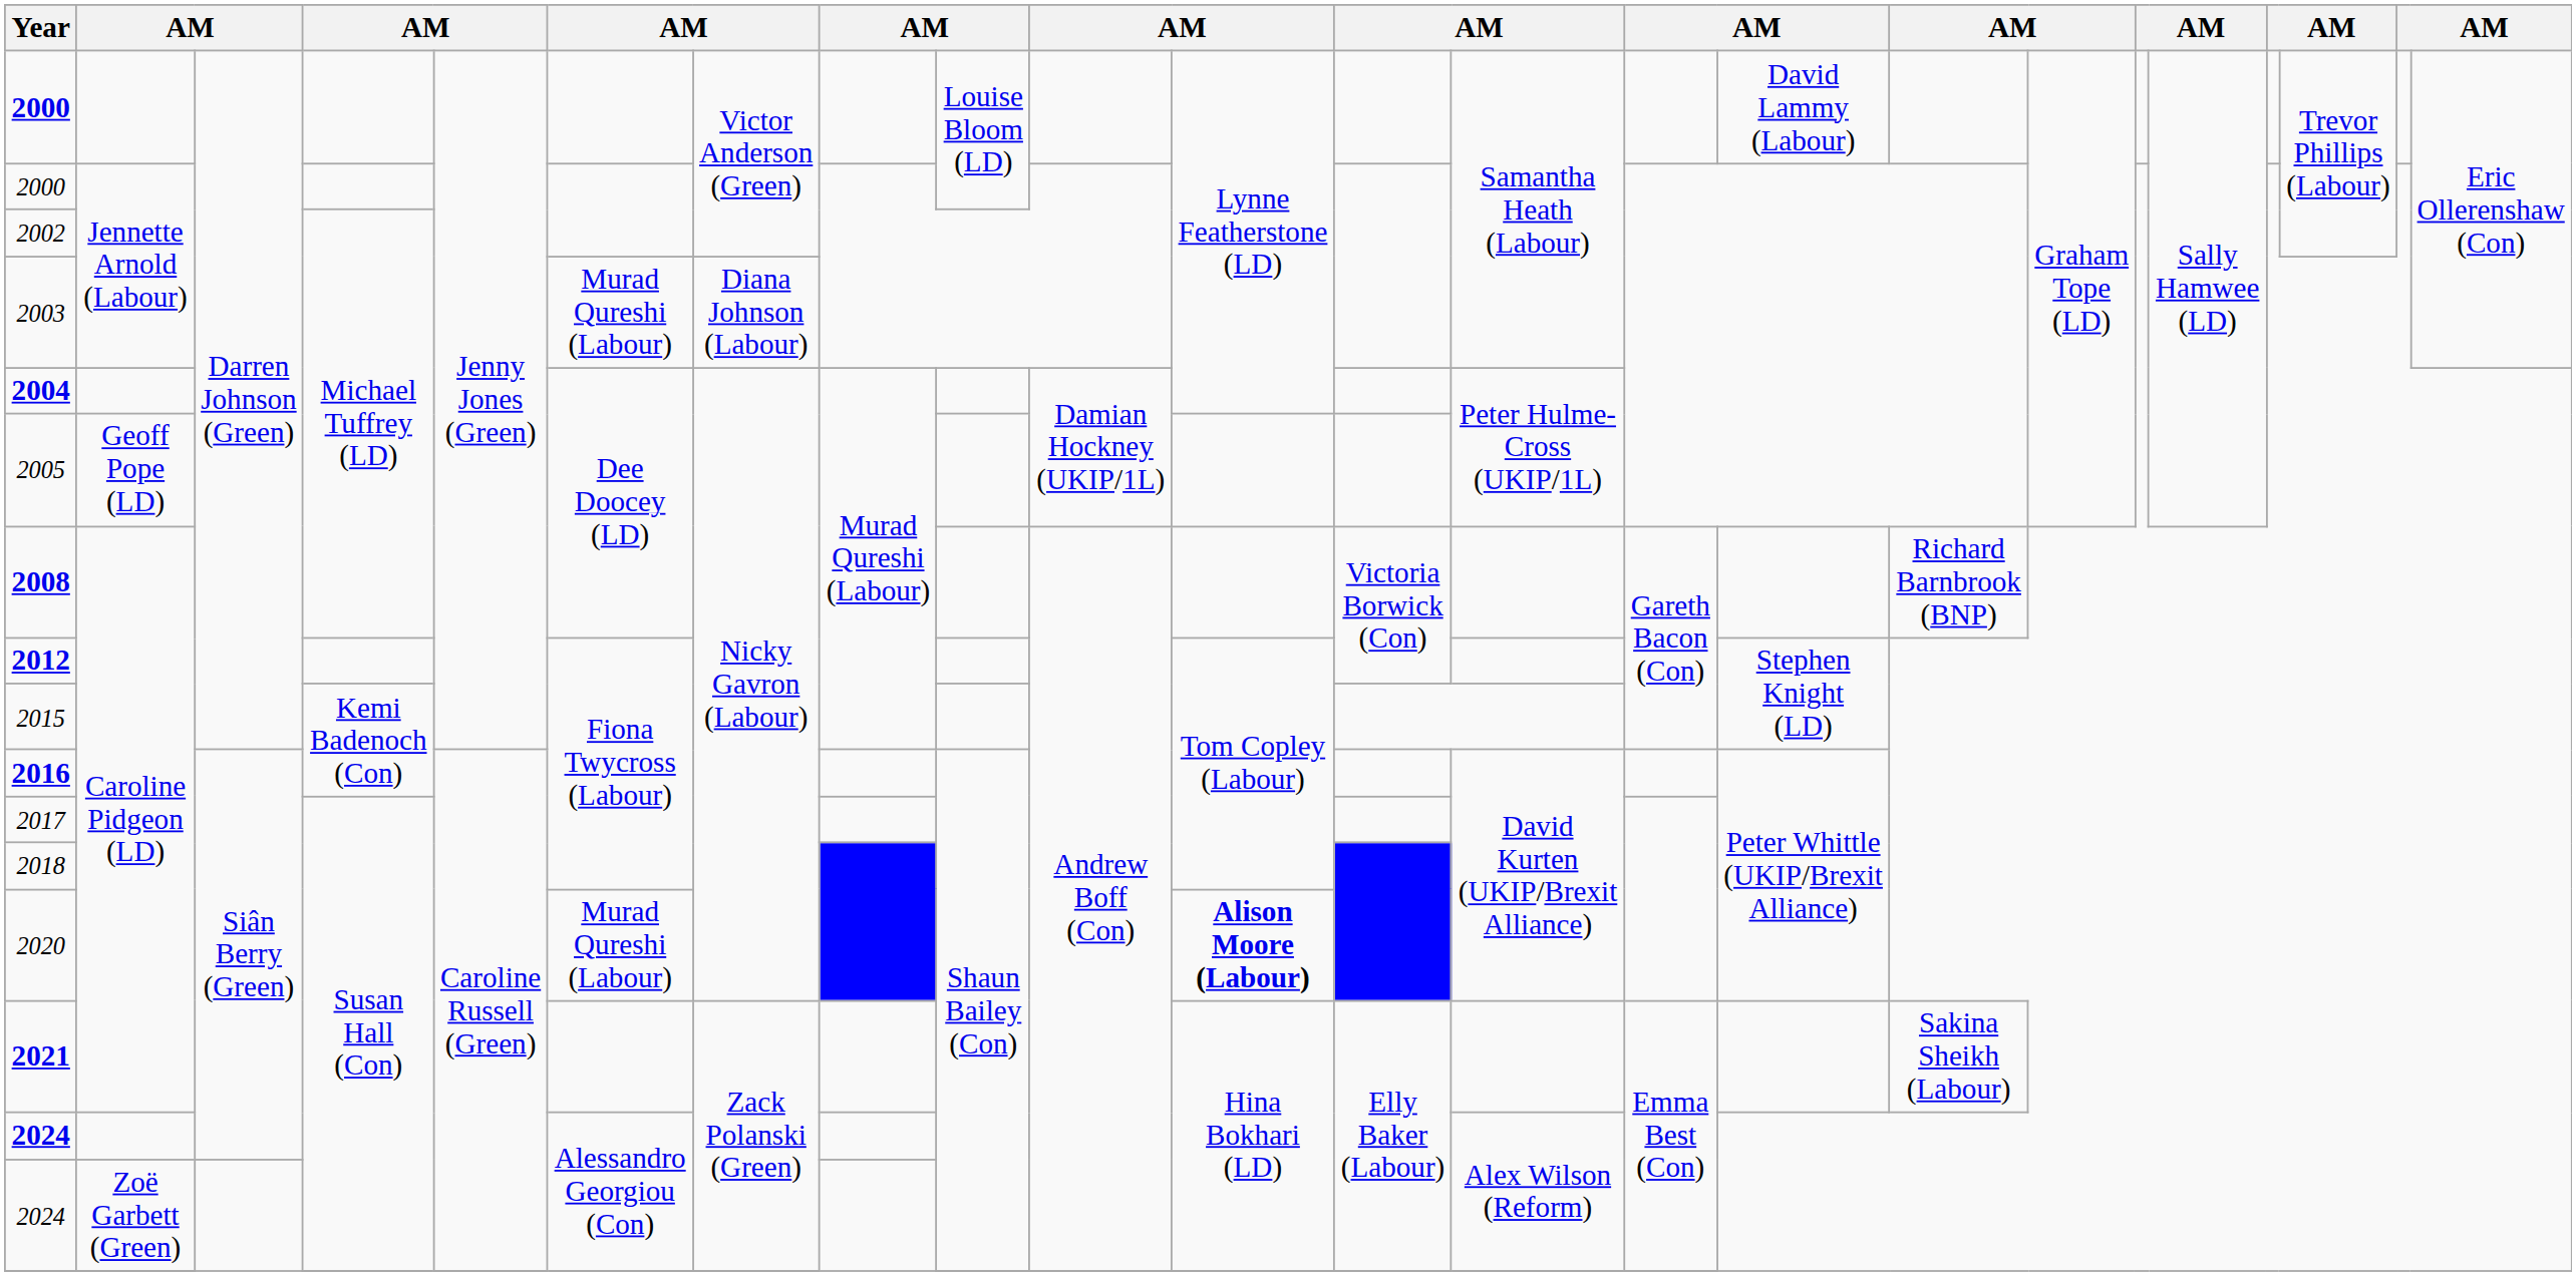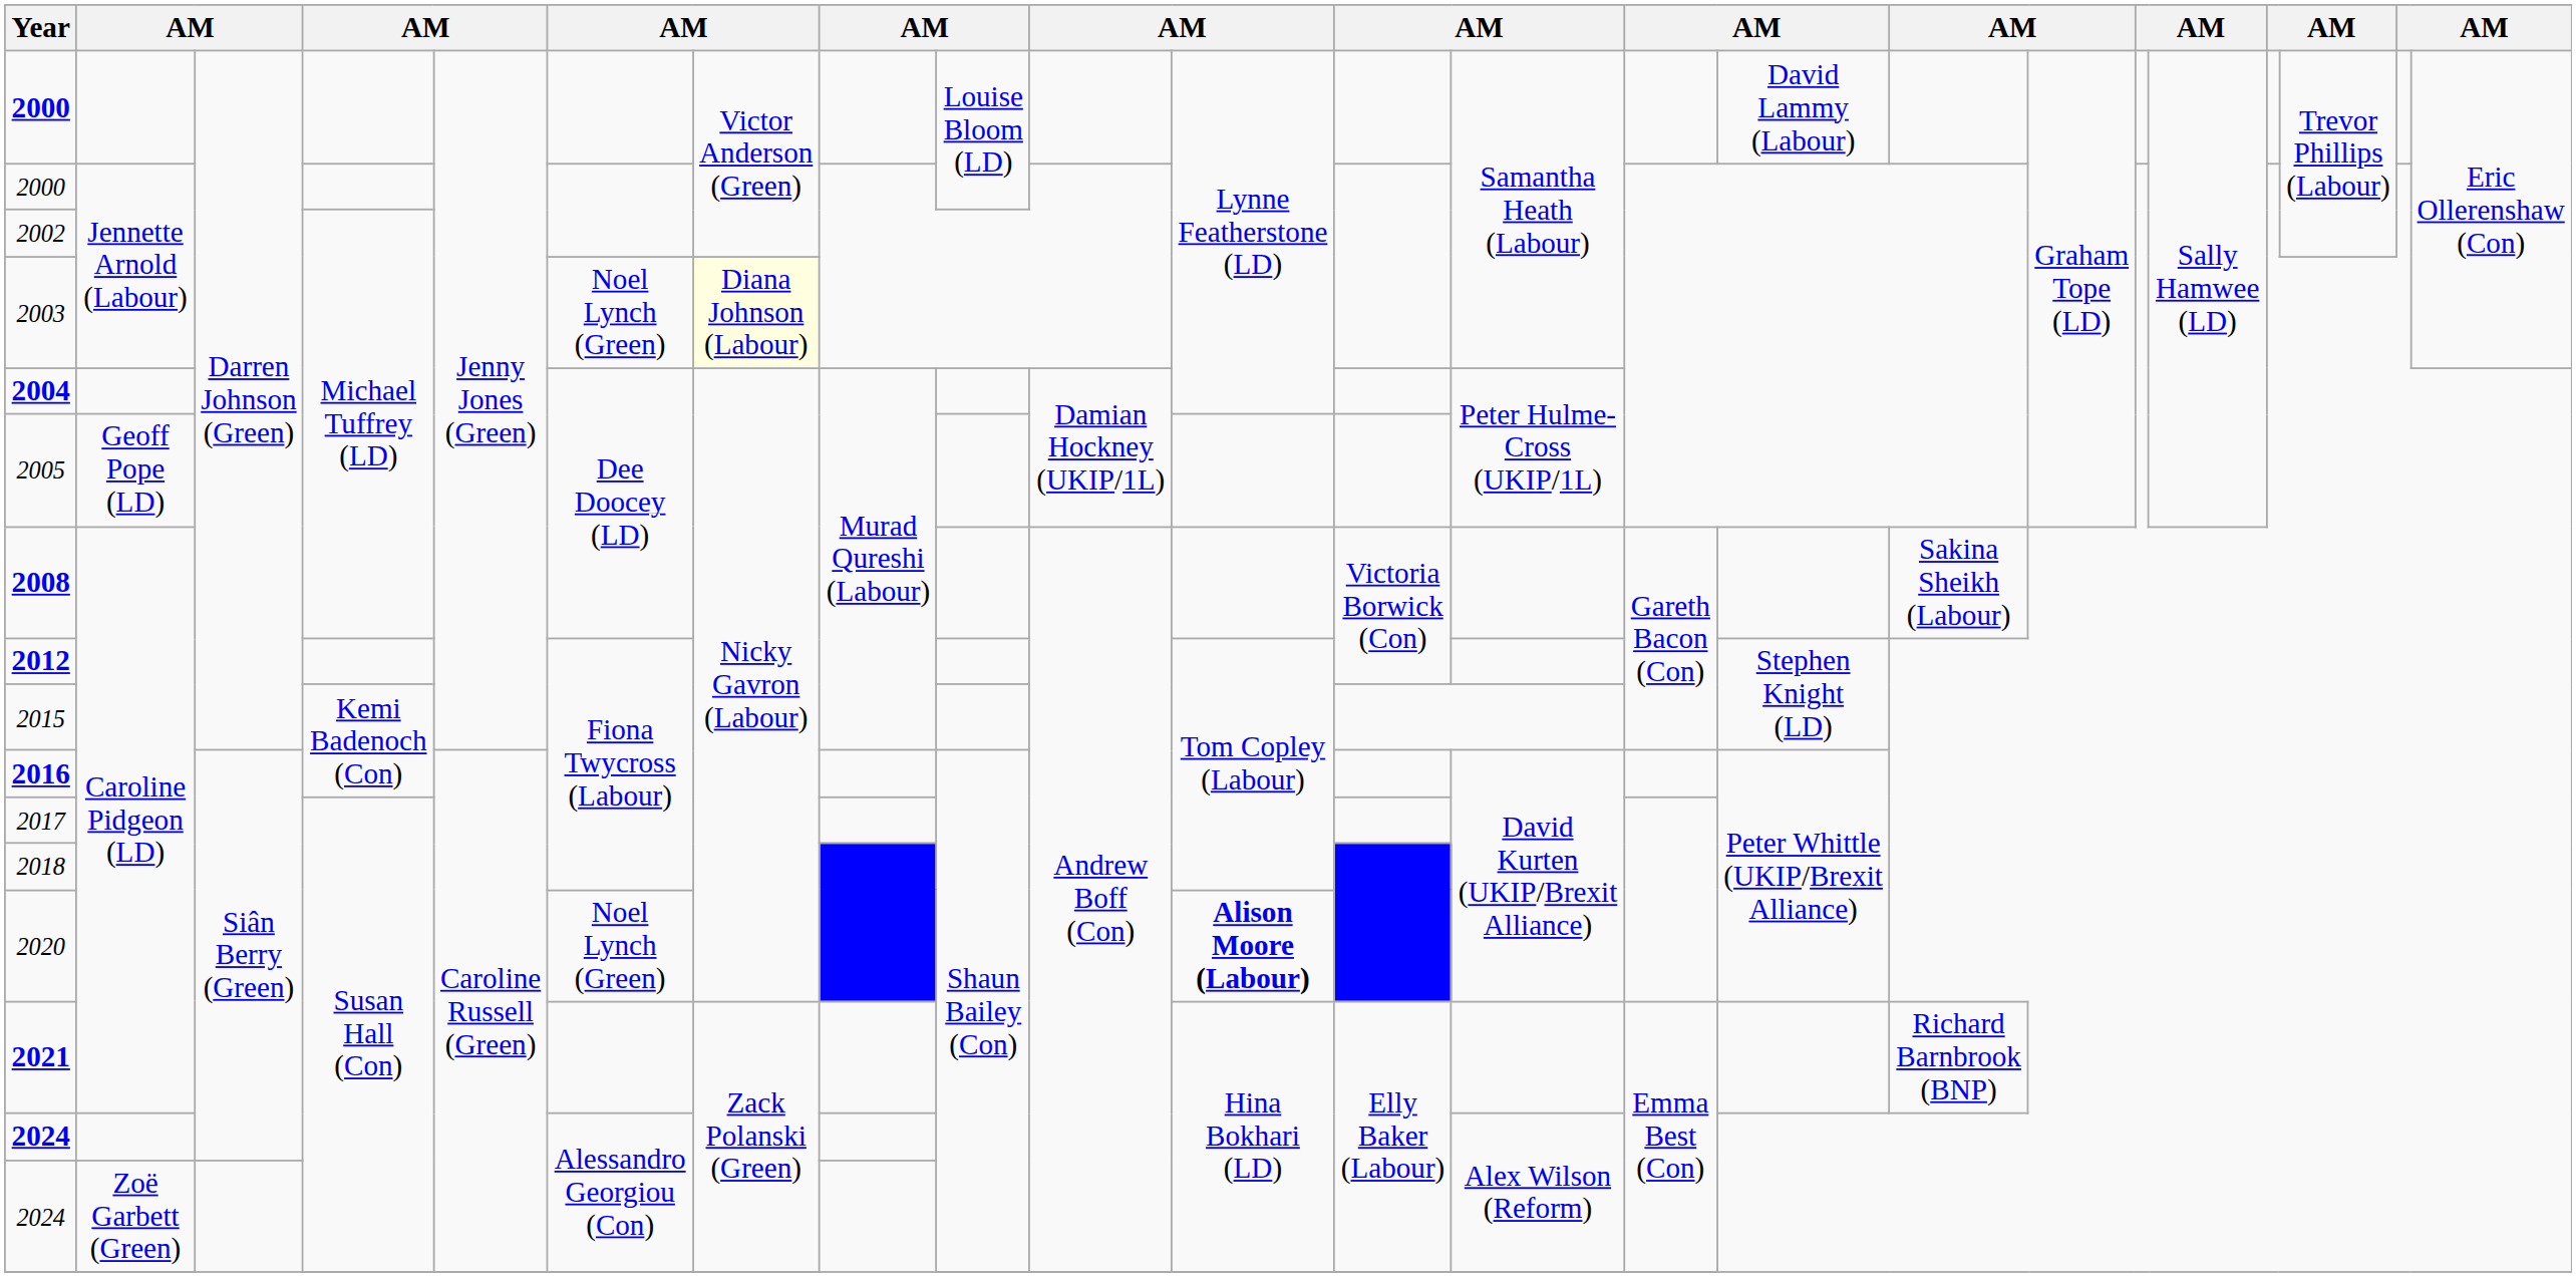 <table class="wikitable" style="text-align:center">
 <tr>
 <th>Year</th>
 <th colspan="2">AM</th>
 <th colspan="2">AM</th>
 <th colspan="2">AM</th>
 <th colspan="2">AM</th>
 <th colspan="2">AM</th>
 <th colspan="2">AM</th>
 <th colspan="2">AM</th>
 <th colspan="2">AM</th>
 <th colspan="2">AM</th>
 <th colspan="2">AM</th>
 <th colspan="2">AM</th>
 </tr>
 <tr>
 <td><strong><a href='#'>2000</a></strong></td>
 <td style="background:"></td>
 <td rowspan="9"><a href='#'>Darren Johnson</a><br>(<a href='#'>Green</a>)</td>
 <td style="background:"></td>
 <td rowspan="9"><a href='#'>Jenny Jones</a><br>(<a href='#'>Green</a>)</td>
 <td style="background:"></td>
 <td rowspan="3"><a href='#'>Victor Anderson</a><br>(<a href='#'>Green</a>)</td>
 <td style="background:"></td>
 <td rowspan="2"><a href='#'>Louise Bloom</a><br>(<a href='#'>LD</a>)</td>
 <td style="background:"></td>
 <td rowspan="5"><a href='#'>Lynne Featherstone</a><br>(<a href='#'>LD</a>)</td>
 <td style="background:"></td>
 <td rowspan="4"><a href='#'>Samantha Heath</a><br>(<a href='#'>Labour</a>)</td>
 <td style="background:"></td>
 <td rowspan="1"><a href='#'>David Lammy</a><br>(<a href='#'>Labour</a>)</td>
 <td style="background:"></td>
 <td rowspan="6"><a href='#'>Graham Tope</a><br>(<a href='#'>LD</a>)</td>
 <td style="background:"></td>
 <td rowspan="6"><a href='#'>Sally Hamwee</a><br>(<a href='#'>LD</a>)</td>
 <td style="background:"></td>
 <td rowspan="3"><a href='#'>Trevor Phillips</a><br>(<a href='#'>Labour</a>)</td>
 <td style="background:"></td>
 <td rowspan="4"><a href='#'>Eric Ollerenshaw</a><br>(<a href='#'>Con</a>)</td>
 </tr>
 <tr>
 <td><small><em>2000</em></small></td>
 <td rowspan="3"><a href='#'>Jennette Arnold</a><br>(<a href='#'>Labour</a>)</td>
 </tr>
 <tr>
 <td><small><em>2002</em></small></td>
 <td rowspan="5"><a href='#'>Michael Tuffrey</a><br>(<a href='#'>LD</a>)</td>
 </tr>
 <tr>
 <td><small><em>2003</em></small></td>
-<td rowspan="1"><a href='#'>Murad Qureshi</a><br>(<a href='#'>Labour</a>)</td>
-<td rowspan="1"><a href='#'>Diana Johnson</a><br>(<a href='#'>Labour</a>)</td>
+<td rowspan="1"><a href='#'>Noel Lynch</a><br>(<a href='#'>Green</a>)</td>
+<td rowspan="1" style="background: lightyellow;"><a href='#'>Diana Johnson</a><br>(<a href='#'>Labour</a>)</td>
 </tr>
 <tr>
 <td><strong><a href='#'>2004</a></strong></td>
 <td style="background:"></td>
 <td rowspan="3"><a href='#'>Dee Doocey</a><br>(<a href='#'>LD</a>)</td>
 <td rowspan="9"><a href='#'>Nicky Gavron</a><br>(<a href='#'>Labour</a>)</td>
 <td rowspan="5"><a href='#'>Murad Qureshi</a><br>(<a href='#'>Labour</a>)</td>
 <td style="background:"></td>
 <td rowspan="2"><a href='#'>Damian Hockney</a><br>(<a href='#'>UKIP</a>/<a href='#'>1L</a>)</td>
 <td style="background:"></td>
 <td rowspan="2"><a href='#'>Peter Hulme-Cross</a><br>(<a href='#'>UKIP</a>/<a href='#'>1L</a>)</td>
 </tr>
 <tr>
 <td><small><em>2005</em></small></td>
 <td rowspan="1"><a href='#'>Geoff Pope</a><br>(<a href='#'>LD</a>)</td>
 <td style="background:"></td>
 <td style="background:"></td>
 </tr>
 <tr>
 <td><strong><a href='#'>2008</a></strong></td>
 <td rowspan="8"><a href='#'>Caroline Pidgeon</a><br>(<a href='#'>LD</a>)</td>
 <td style="background:"></td>
 <td rowspan="10"><a href='#'>Andrew Boff</a><br>(<a href='#'>Con</a>)</td>
 <td style="background:"></td>
 <td rowspan="2"><a href='#'>Victoria Borwick</a><br>(<a href='#'>Con</a>)</td>
 <td style="background:"></td>
 <td rowspan="3"><a href='#'>Gareth Bacon</a><br>(<a href='#'>Con</a>)</td>
 <td style="background:"></td>
-<td rowspan="1"><a href='#'>Richard Barnbrook</a><br>(<a href='#'>BNP</a>)</td>
+<td rowspan="1"><a href='#'>Sakina Sheikh</a><br>(<a href='#'>Labour</a>)</td>
 </tr>
 <tr>
 <td><strong><a href='#'>2012</a></strong></td>
 <td style="background:"></td>
 <td rowspan="5"><a href='#'>Fiona Twycross</a><br>(<a href='#'>Labour</a>)</td>
 <td style="background:"></td>
 <td rowspan="5"><a href='#'>Tom Copley</a><br>(<a href='#'>Labour</a>)</td>
 <td style="background:"></td>
 <td rowspan="2"><a href='#'>Stephen Knight</a><br>(<a href='#'>LD</a>)</td>
 </tr>
 <tr>
 <td><small><em>2015</em></small></td>
 <td rowspan="2"><a href='#'>Kemi Badenoch</a><br>(<a href='#'>Con</a>)</td>
 </tr>
 <tr>
 <td><strong><a href='#'>2016</a></strong></td>
 <td rowspan="6"><a href='#'>Siân Berry</a><br>(<a href='#'>Green</a>)</td>
 <td rowspan="7"><a href='#'>Caroline Russell</a><br>(<a href='#'>Green</a>)</td>
 <td style="background:"></td>
 <td rowspan="7"><a href='#'>Shaun Bailey</a><br>(<a href='#'>Con</a>)</td>
 <td style="background:"></td>
 <td rowspan="4"><a href='#'>David Kurten</a><br>(<a href='#'>UKIP</a>/<a href='#'>Brexit Alliance</a>)</td>
 <td style="background:"></td>
 <td rowspan="4"><a href='#'>Peter Whittle</a><br>(<a href='#'>UKIP</a>/<a href='#'>Brexit Alliance</a>)</td>
 </tr>
 <tr>
 <td><small><em>2017</em></small></td>
 <td rowspan="6"><a href='#'>Susan Hall</a><br>(<a href='#'>Con</a>)</td>
 </tr>
 <tr>
 <td><small><em>2018</em></small></td>
 <td style="background:blue" rowspan="2"></td>
 <td style="background:blue" rowspan="2"></td>
 </tr>
 <tr>
 <td><small><em>2020</em></small></td>
-<td rowspan="1"><a href='#'>Murad Qureshi</a><br>(<a href='#'>Labour</a>)</td>
+<td rowspan="1"><a href='#'>Noel Lynch</a><br>(<a href='#'>Green</a>)</td>
 <td rowspan="1"><strong><a href='#'>Alison Moore</a><br>(<a href='#'>Labour</a>)</strong></td>
 </tr>
 <tr>
 <td><strong><a href='#'>2021</a></strong></td>
 <td style="background:"></td>
 <td rowspan="3"><a href='#'>Zack Polanski</a><br>(<a href='#'>Green</a>)</td>
 <td style="background:"></td>
 <td rowspan="3"><a href='#'>Hina Bokhari</a><br>(<a href='#'>LD</a>)</td>
 <td rowspan="3"><a href='#'>Elly Baker</a><br>(<a href='#'>Labour</a>)</td>
 <td style="background:"></td>
 <td rowspan="3"><a href='#'>Emma Best</a><br>(<a href='#'>Con</a>)</td>
 <td style="background:"></td>
-<td rowspan="1"><a href='#'>Sakina Sheikh</a><br>(<a href='#'>Labour</a>)</td>
+<td rowspan="1"><a href='#'>Richard Barnbrook</a><br>(<a href='#'>BNP</a>)</td>
 </tr>
 <tr>
 <td><strong><a href='#'>2024</a></strong></td>
 <td style="background:"></td>
 <td rowspan="2"><a href='#'>Alessandro Georgiou</a><br>(<a href='#'>Con</a>)</td>
 <td style="background:"></td>
 <td rowspan="2"><a href='#'>Alex Wilson</a><br>(<a href='#'>Reform</a>)</td>
 </tr>
 <tr>
 <td><small><em>2024</em></small></td>
 <td rowspan="1"><a href='#'>Zoë Garbett</a><br>(<a href='#'>Green</a>)</td>
 </tr>
 <tr>
 </tr>
 </table>
